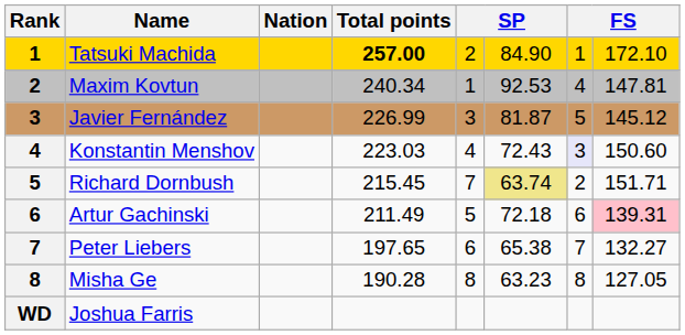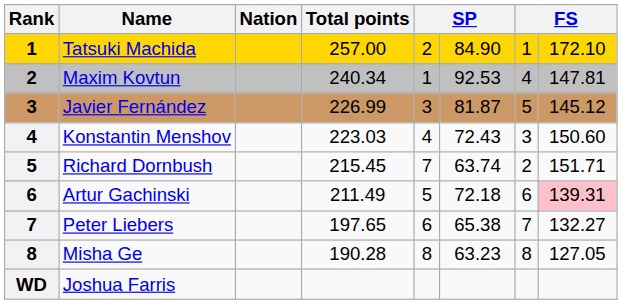 <table class="wikitable sortable">
 <tr>
 <th>Rank</th>
 <th>Name</th>
 <th>Nation</th>
 <th>Total points</th>
 <th colspan="2" width="80px"><a href='#'>SP</a></th>
 <th colspan="2" width="80px"><a href='#'>FS</a></th>
 </tr>
 <tr bgcolor="gold">
 <td align="center"><strong>1</strong></td>
 <td><a href='#'>Tatsuki Machida</a></td>
 <td></td>
-<td align="center"><strong>257.00</strong></td>
+<td align="center">257.00</td>
 <td align="center">2</td>
 <td align="center">84.90</td>
 <td align="center">1</td>
 <td align="center">172.10</td>
 </tr>
 <tr bgcolor="silver">
 <td align="center"><strong>2</strong></td>
 <td><a href='#'>Maxim Kovtun</a></td>
 <td></td>
 <td align="center">240.34</td>
 <td align="center">1</td>
 <td align="center">92.53</td>
 <td align="center">4</td>
 <td align="center">147.81</td>
 </tr>
 <tr bgcolor="cc9966">
 <td align="center"><strong>3</strong></td>
 <td><a href='#'>Javier Fernández</a></td>
 <td></td>
 <td align="center">226.99</td>
 <td align="center">3</td>
 <td align="center">81.87</td>
 <td align="center">5</td>
 <td align="center">145.12</td>
 </tr>
 <tr>
 <th>4</th>
 <td><a href='#'>Konstantin Menshov</a></td>
 <td></td>
 <td align="center">223.03</td>
 <td align="center">4</td>
 <td align="center">72.43</td>
-<td align="center" style="background: lavender;">3</td>
+<td align="center">3</td>
 <td align="center">150.60</td>
 </tr>
 <tr>
 <th>5</th>
 <td><a href='#'>Richard Dornbush</a></td>
 <td></td>
 <td align="center">215.45</td>
 <td align="center">7</td>
-<td align="center" style="background: khaki;">63.74</td>
+<td align="center">63.74</td>
 <td align="center">2</td>
 <td align="center">151.71</td>
 </tr>
 <tr>
 <th>6</th>
 <td><a href='#'>Artur Gachinski</a></td>
 <td></td>
 <td align="center">211.49</td>
 <td align="center">5</td>
 <td align="center">72.18</td>
 <td align="center">6</td>
 <td align="center" style="background: pink;">139.31</td>
 </tr>
 <tr>
 <th>7</th>
 <td><a href='#'>Peter Liebers</a></td>
 <td></td>
 <td align="center">197.65</td>
 <td align="center">6</td>
 <td align="center">65.38</td>
 <td align="center">7</td>
 <td align="center">132.27</td>
 </tr>
 <tr>
 <th>8</th>
 <td><a href='#'>Misha Ge</a></td>
 <td></td>
 <td align="center">190.28</td>
 <td align="center">8</td>
 <td align="center">63.23</td>
 <td align="center">8</td>
 <td align="center">127.05</td>
 </tr>
 <tr>
 <th>WD</th>
 <td><a href='#'>Joshua Farris</a></td>
 <td></td>
 <td align="center"></td>
 <td align="center"></td>
 <td align="center"></td>
 <td align="center"></td>
 <td align="center"></td>
 </tr>
 </table>
